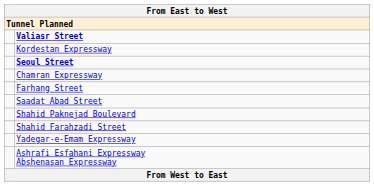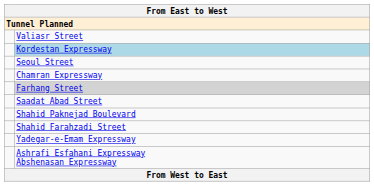 <table class="wikitable" style="text-align:left" width="600px">
 <tr>
 <th text-align="left" colspan="3"> From East to West </th>
 </tr>
 <tr>
 <td text-align="left" colspan="3" bgcolor="#FFEFD5"> <strong>Tunnel Planned</strong> </td>
 </tr>
 <tr>
 <td><br></td>
-<td><strong> <a href='#'>Valiasr Street</a></strong></td>
+<td> <a href='#'>Valiasr Street</a></td>
 </tr>
 <tr>
 <td></td>
-<td> <a href='#'>Kordestan Expressway</a></td>
+<td style="background: lightblue;"> <a href='#'>Kordestan Expressway</a></td>
 </tr>
 <tr>
 <td></td>
-<td><strong> <a href='#'>Seoul Street</a></strong></td>
+<td> <a href='#'>Seoul Street</a></td>
 </tr>
 <tr>
 <td></td>
 <td> <a href='#'>Chamran Expressway</a></td>
 </tr>
 <tr>
 <td></td>
-<td> <a href='#'>Farhang Street</a></td>
+<td style="background: lightgrey;"> <a href='#'>Farhang Street</a></td>
 </tr>
 <tr>
 <td></td>
 <td> <a href='#'>Saadat Abad Street</a></td>
 </tr>
 <tr>
 <td></td>
 <td> <a href='#'>Shahid Paknejad Boulevard</a></td>
 </tr>
 <tr>
 <td></td>
 <td> <a href='#'>Shahid Farahzadi Street</a></td>
 </tr>
 <tr>
 <td></td>
 <td> <a href='#'>Yadegar-e-Emam Expressway</a></td>
 </tr>
 <tr>
 <td><br></td>
 <td> <a href='#'>Ashrafi Esfahani Expressway</a><br> <a href='#'>Abshenasan Expressway</a></td>
 </tr>
 <tr>
 <th text-align="left" colspan="3"> From West to East </th>
 </tr>
 </table>
